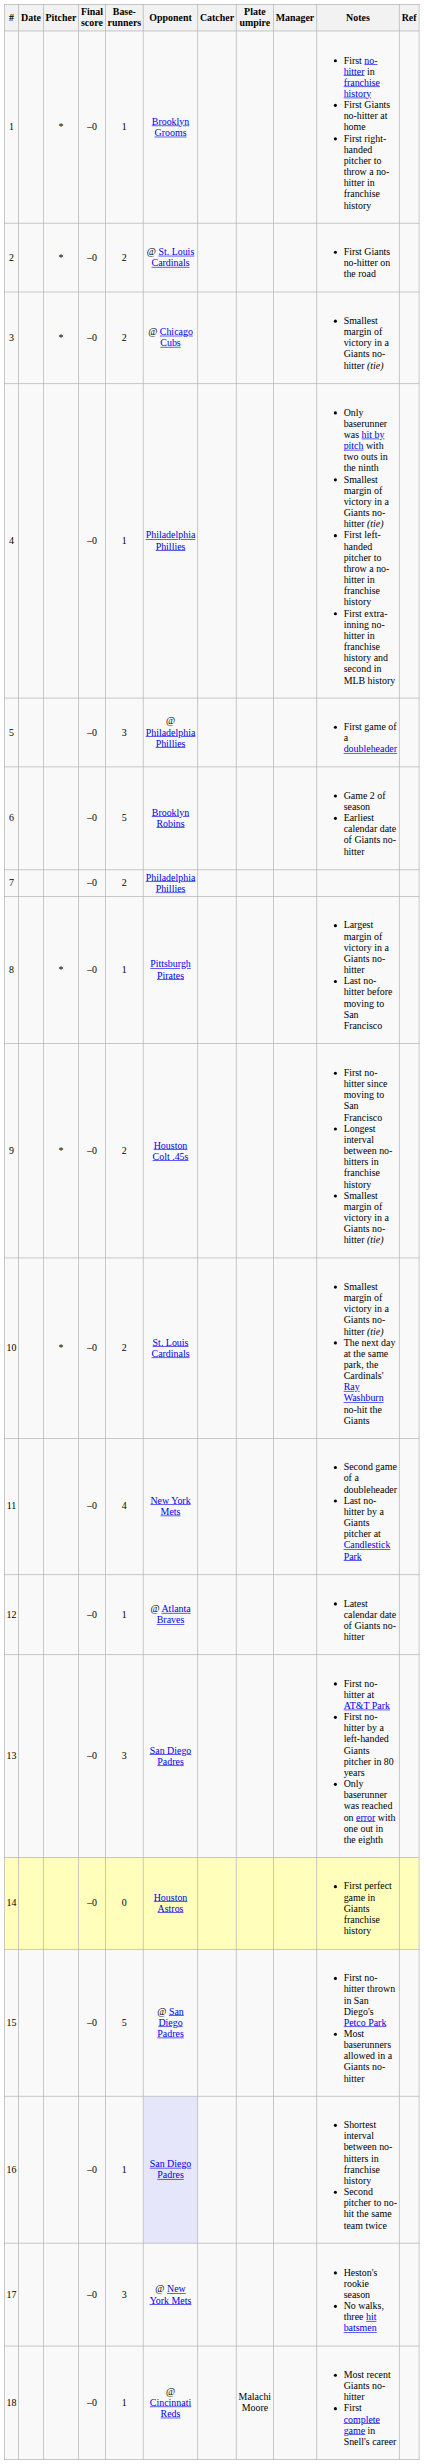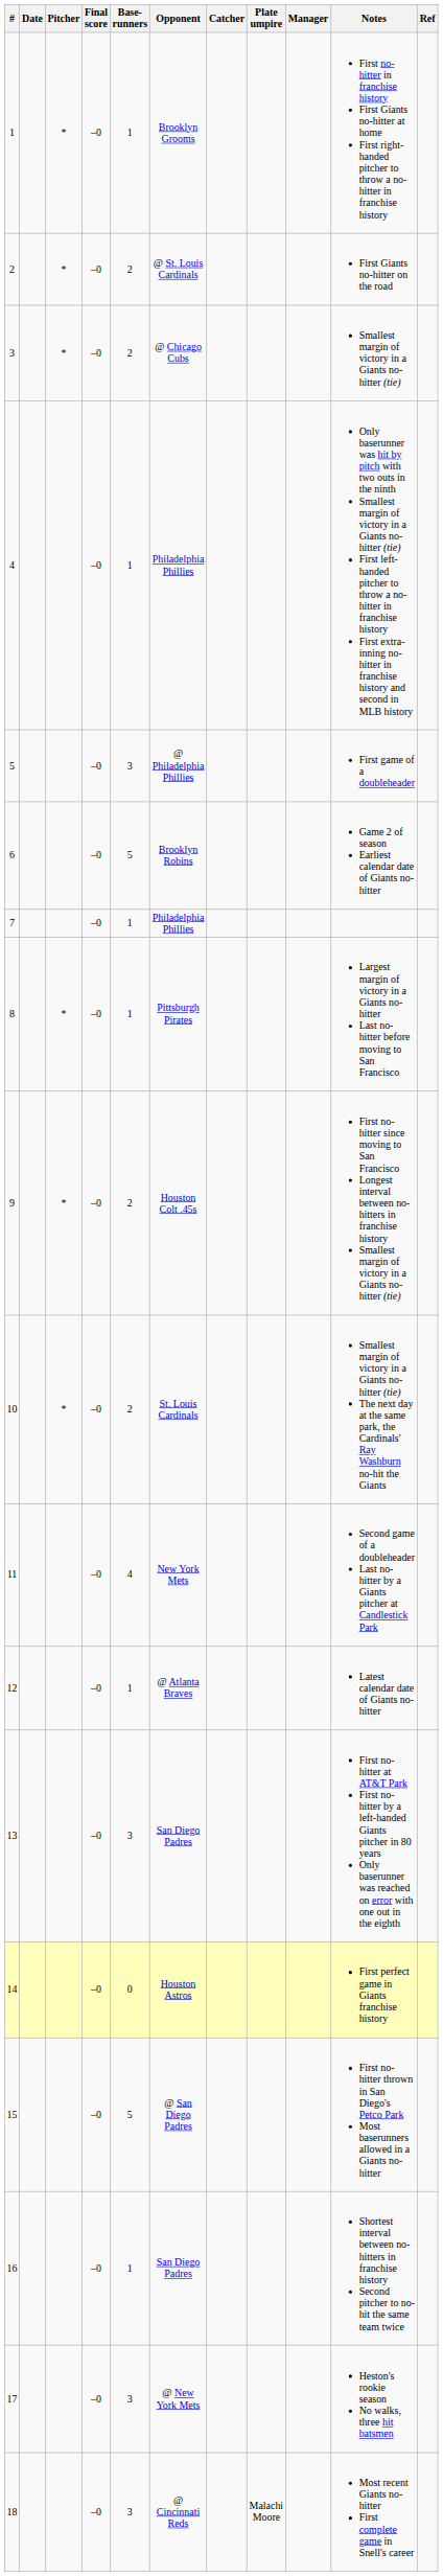 <table class="wikitable sortable" style="text-align:center" border="1">
 <tr>
 <th>#</th>
 <th>Date</th>
 <th>Pitcher</th>
 <th>Final score</th>
 <th>Base-<br>runners</th>
 <th>Opponent</th>
 <th>Catcher</th>
 <th>Plate umpire</th>
 <th>Manager</th>
 <th class="unsortable">Notes</th>
 <th class="unsortable">Ref</th>
 </tr>
 <tr>
 <td>1</td>
 <td></td>
 <td>*</td>
 <td>–0</td>
 <td>1</td>
 <td><a href='#'>Brooklyn Grooms</a></td>
 <td></td>
 <td></td>
 <td></td>
 <td align="left"><br><ul><li>First <a href='#'>no-hitter</a> in <a href='#'>franchise history</a></li><li>First Giants no-hitter at home</li><li>First right-handed pitcher to throw a no-hitter in franchise history</li></ul></td>
 <td></td>
 </tr>
 <tr>
 <td>2</td>
 <td></td>
 <td>* </td>
 <td>–0</td>
 <td>2</td>
 <td>@ <a href='#'>St. Louis Cardinals</a></td>
 <td></td>
 <td></td>
 <td></td>
 <td align="left"><br><ul><li>First Giants no-hitter on the road</li></ul></td>
 <td></td>
 </tr>
 <tr>
 <td>3</td>
 <td></td>
 <td>* </td>
 <td>–0</td>
 <td>2</td>
 <td>@ <a href='#'>Chicago Cubs</a></td>
 <td> </td>
 <td></td>
 <td> </td>
 <td align="left"><br><ul><li>Smallest margin of victory in a Giants no-hitter <em>(tie)</em></li></ul></td>
 <td></td>
 </tr>
 <tr>
 <td>4</td>
 <td></td>
 <td></td>
 <td>–0 </td>
 <td>1</td>
 <td><a href='#'>Philadelphia Phillies</a></td>
 <td> </td>
 <td> </td>
 <td> </td>
 <td align="left"><br><ul><li>Only baserunner was <a href='#'>hit by pitch</a> with two outs in the ninth</li><li>Smallest margin of victory in a Giants no-hitter <em>(tie)</em></li><li>First left-handed pitcher to throw a no-hitter in franchise history</li><li>First extra-inning no-hitter in franchise history and second in MLB history</li></ul></td>
 <td></td>
 </tr>
 <tr>
 <td>5</td>
 <td></td>
 <td></td>
 <td>–0</td>
 <td>3</td>
 <td>@ <a href='#'>Philadelphia Phillies</a></td>
 <td> </td>
 <td></td>
 <td> </td>
 <td align="left"><br><ul><li>First game of a <a href='#'>doubleheader</a></li></ul></td>
 <td></td>
 </tr>
 <tr>
 <td>6</td>
 <td></td>
 <td></td>
 <td>–0</td>
 <td>5</td>
 <td><a href='#'>Brooklyn Robins</a></td>
 <td> </td>
 <td> </td>
 <td> </td>
 <td align="left"><br><ul><li>Game 2 of season</li><li>Earliest calendar date of Giants no-hitter</li></ul></td>
 <td></td>
 </tr>
 <tr>
 <td>7</td>
 <td></td>
 <td></td>
 <td>–0</td>
-<td>2</td>
+<td>1</td>
 <td><a href='#'>Philadelphia Phillies</a></td>
 <td></td>
 <td></td>
 <td> </td>
 <td align="left"></td>
 <td></td>
 </tr>
 <tr>
 <td>8</td>
 <td></td>
 <td>*</td>
 <td>–0</td>
 <td>1</td>
 <td><a href='#'>Pittsburgh Pirates</a></td>
 <td></td>
 <td></td>
 <td> </td>
 <td align="left"><br><ul><li>Largest margin of victory in a Giants no-hitter</li><li>Last no-hitter before moving to San Francisco</li></ul></td>
 <td></td>
 </tr>
 <tr>
 <td>9</td>
 <td></td>
 <td>*</td>
 <td>–0</td>
 <td>2</td>
 <td><a href='#'>Houston Colt .45s</a></td>
 <td></td>
 <td></td>
 <td></td>
 <td align="left"><br><ul><li>First no-hitter since moving to San Francisco</li><li>Longest interval between no-hitters in franchise history</li><li>Smallest margin of victory in a Giants no-hitter <em>(tie)</em></li></ul></td>
 <td></td>
 </tr>
 <tr>
 <td>10</td>
 <td></td>
 <td>*</td>
 <td>–0</td>
 <td>2</td>
 <td><a href='#'>St. Louis Cardinals</a></td>
 <td></td>
 <td></td>
 <td></td>
 <td align="left"><br><ul><li>Smallest margin of victory in a Giants no-hitter <em>(tie)</em></li><li>The next day at the same park, the Cardinals' <a href='#'>Ray Washburn</a> no-hit the Giants</li></ul></td>
 <td></td>
 </tr>
 <tr>
 <td>11</td>
 <td></td>
 <td></td>
 <td>–0</td>
 <td>4</td>
 <td><a href='#'>New York Mets</a></td>
 <td></td>
 <td></td>
 <td></td>
 <td align="left"><br><ul><li>Second game of a doubleheader</li><li>Last no-hitter by a Giants pitcher at <a href='#'>Candlestick Park</a></li></ul></td>
 <td></td>
 </tr>
 <tr>
 <td>12</td>
 <td></td>
 <td></td>
 <td>–0</td>
 <td>1</td>
 <td>@ <a href='#'>Atlanta Braves</a></td>
 <td></td>
 <td></td>
 <td></td>
 <td align="left"><br><ul><li>Latest calendar date of Giants no-hitter</li></ul></td>
 <td></td>
 </tr>
 <tr>
 <td>13</td>
 <td></td>
 <td></td>
 <td>–0</td>
 <td>3</td>
 <td><a href='#'>San Diego Padres</a></td>
 <td></td>
 <td></td>
 <td> </td>
 <td align="left"><br><ul><li>First no-hitter at <a href='#'>AT&T Park</a></li><li>First no-hitter by a left-handed Giants pitcher in 80 years</li><li>Only baserunner was reached on <a href='#'>error</a> with one out in the eighth</li></ul></td>
 <td></td>
 </tr>
 <tr bgcolor="#ffffbb">
 <td>14</td>
 <td></td>
 <td></td>
 <td>–0</td>
 <td>0</td>
 <td><a href='#'>Houston Astros</a></td>
 <td> </td>
 <td></td>
 <td> </td>
 <td align="left"><br><ul><li>First perfect game in Giants franchise history</li></ul></td>
 <td></td>
 </tr>
 <tr>
 <td>15</td>
 <td></td>
 <td> </td>
 <td>–0</td>
 <td>5</td>
 <td>@ <a href='#'>San Diego Padres</a></td>
 <td> </td>
 <td></td>
 <td> </td>
 <td align="left"><br><ul><li>First no-hitter thrown in San Diego's <a href='#'>Petco Park</a></li><li>Most baserunners allowed in a Giants no-hitter</li></ul></td>
 <td></td>
 </tr>
 <tr>
 <td>16</td>
 <td></td>
 <td> </td>
 <td>–0</td>
 <td>1</td>
-<td style="background: lavender;"><a href='#'>San Diego Padres</a></td>
+<td><a href='#'>San Diego Padres</a></td>
 <td></td>
 <td></td>
 <td> </td>
 <td align="left"><br><ul><li>Shortest interval between no-hitters in franchise history</li><li>Second pitcher to no-hit the same team twice</li></ul></td>
 <td></td>
 </tr>
 <tr>
 <td>17</td>
 <td></td>
 <td></td>
 <td>–0</td>
 <td>3</td>
 <td>@ <a href='#'>New York Mets</a></td>
 <td> </td>
 <td> </td>
 <td> </td>
 <td align="left"><br><ul><li>Heston's rookie season</li><li>No walks, three <a href='#'>hit batsmen</a></li></ul></td>
 <td></td>
 </tr>
 <tr>
 <td>18</td>
 <td></td>
 <td></td>
 <td>–0</td>
-<td>1</td>
+<td>3</td>
 <td>@ <a href='#'>Cincinnati Reds</a></td>
 <td></td>
 <td sortname>Malachi Moore</td>
 <td></td>
 <td align="left"><br><ul><li>Most recent Giants no-hitter</li><li>First <a href='#'>complete game</a> in Snell's career</li></ul></td>
 <td></td>
 </tr>
 </table>
